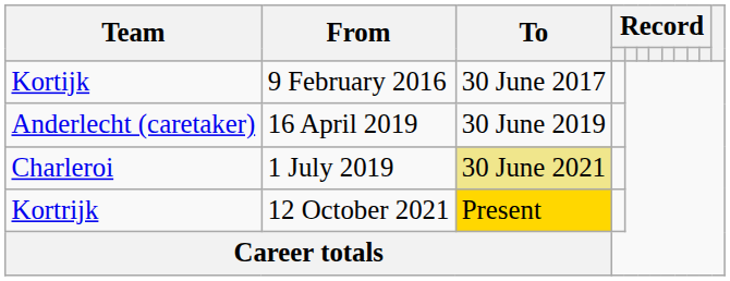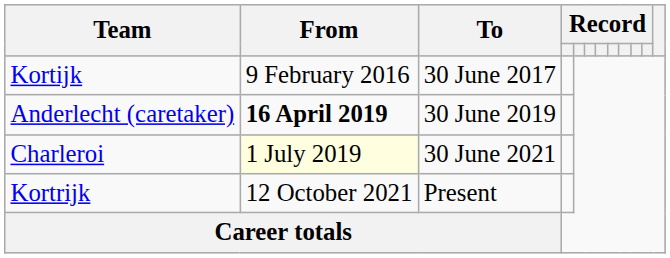 <table class="wikitable">
 <tr>
 <th rowspan="2">Team</th>
 <th rowspan="2">From</th>
 <th rowspan="2">To</th>
 <th colspan="8">Record</th>
 <th rowspan="2"></th>
 </tr>
 <tr>
 <th></th>
 <th></th>
 <th></th>
 <th></th>
 <th></th>
 <th></th>
 <th></th>
 <th></th>
 </tr>
 <tr>
 <td><a href='#'>Kortijk</a></td>
 <td>9 February 2016</td>
 <td>30 June 2017<br></td>
 <td></td>
 </tr>
 <tr>
 <td><a href='#'>Anderlecht (caretaker)</a></td>
-<td>16 April 2019</td>
+<td><strong>16 April 2019</strong></td>
 <td>30 June 2019<br></td>
 <td></td>
 </tr>
 <tr>
 <td><a href='#'>Charleroi</a></td>
-<td>1 July 2019</td>
-<td style="background: khaki;">30 June 2021<br></td>
+<td style="background: lightyellow;">1 July 2019</td>
+<td>30 June 2021<br></td>
 <td></td>
 </tr>
 <tr>
 <td><a href='#'>Kortrijk</a></td>
 <td>12 October 2021</td>
-<td style="background: gold;">Present<br></td>
+<td>Present<br></td>
 <td></td>
 </tr>
 <tr>
 <th colspan=3>Career totals<br></th>
 </tr>
 </table>
